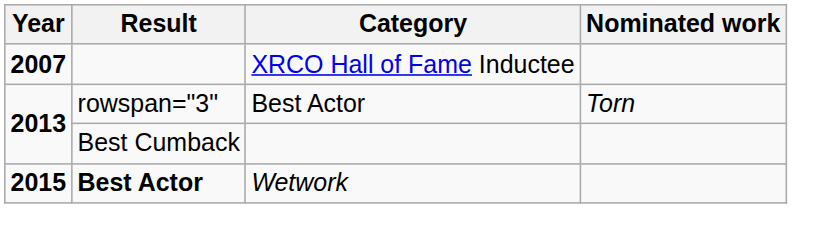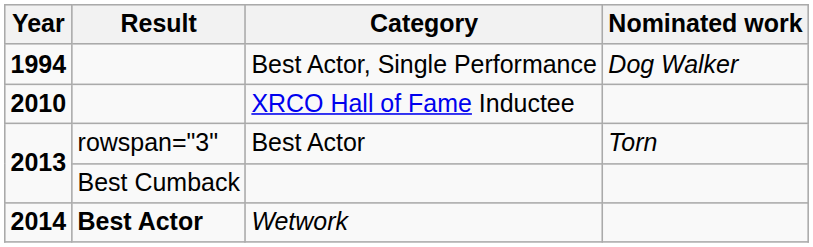 <table class="wikitable">
 <tr>
 <th>Year</th>
 <th>Result</th>
 <th>Category</th>
 <th>Nominated work</th>
 </tr>
 <tr>
-<td><strong>2007</strong></td>
+<td><strong>1994</strong></td>
+<td></td>
+<td>Best Actor, Single Performance</td>
+<td><em>Dog Walker</em></td>
+</tr>
+<tr>
+<td><strong>2010</strong></td>
 <td></td>
 <td><a href='#'>XRCO Hall of Fame</a> Inductee</td>
 <td></td>
 </tr>
 <tr>
 <td rowspan="2"><strong>2013</strong></td>
 <td>rowspan="3" </td>
 <td>Best Actor</td>
 <td><em>Torn</em></td>
 </tr>
 <tr>
 <td>Best Cumback</td>
 <td></td>
 </tr>
 <tr>
-<td><strong>2015</strong></td>
+<td><strong>2014</strong></td>
 <td><strong>Best Actor</strong></td>
 <td><em>Wetwork</em></td>
 <td></td>
 </tr>
 </table>
